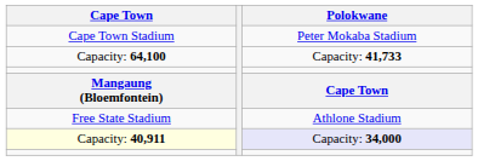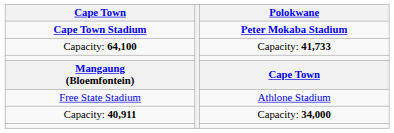 <table class=wikitable style="margin:1em auto; text-align:center">
 <tr>
 <th width=275><a href='#'>Cape Town</a></th>
 <th rowspan=8><br></th>
 <th width=275><a href='#'>Polokwane</a></th>
 </tr>
 <tr>
-<td><a href='#'>Cape Town Stadium</a></td>
-<td><a href='#'>Peter Mokaba Stadium</a></td>
+<td><strong><a href='#'>Cape Town Stadium</a></strong></td>
+<td><strong><a href='#'>Peter Mokaba Stadium</a></strong></td>
 </tr>
 <tr>
 <td>Capacity: <strong>64,100</strong></td>
 <td>Capacity: <strong>41,733</strong></td>
 </tr>
 <tr>
 <td></td>
 <td></td>
 </tr>
 <tr>
 <th><a href='#'>Mangaung</a><br>(Bloemfontein)</th>
 <th><a href='#'>Cape Town</a></th>
 </tr>
 <tr>
 <td><a href='#'>Free State Stadium</a></td>
 <td><a href='#'>Athlone Stadium</a></td>
 </tr>
 <tr>
-<td style="background: lightyellow;">Capacity: <strong>40,911</strong></td>
-<td style="background: lavender;">Capacity: <strong>34,000</strong></td>
+<td>Capacity: <strong>40,911</strong></td>
+<td>Capacity: <strong>34,000</strong></td>
 </tr>
 <tr>
 <td></td>
 <td></td>
 </tr>
 </table>
